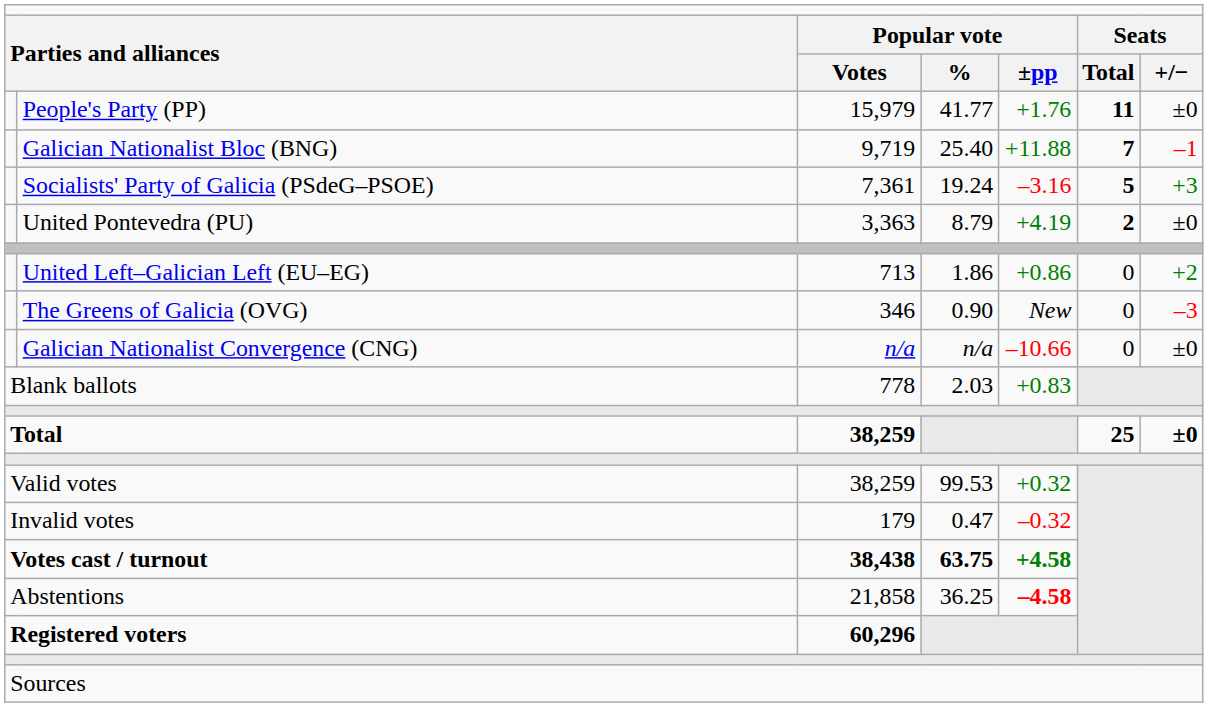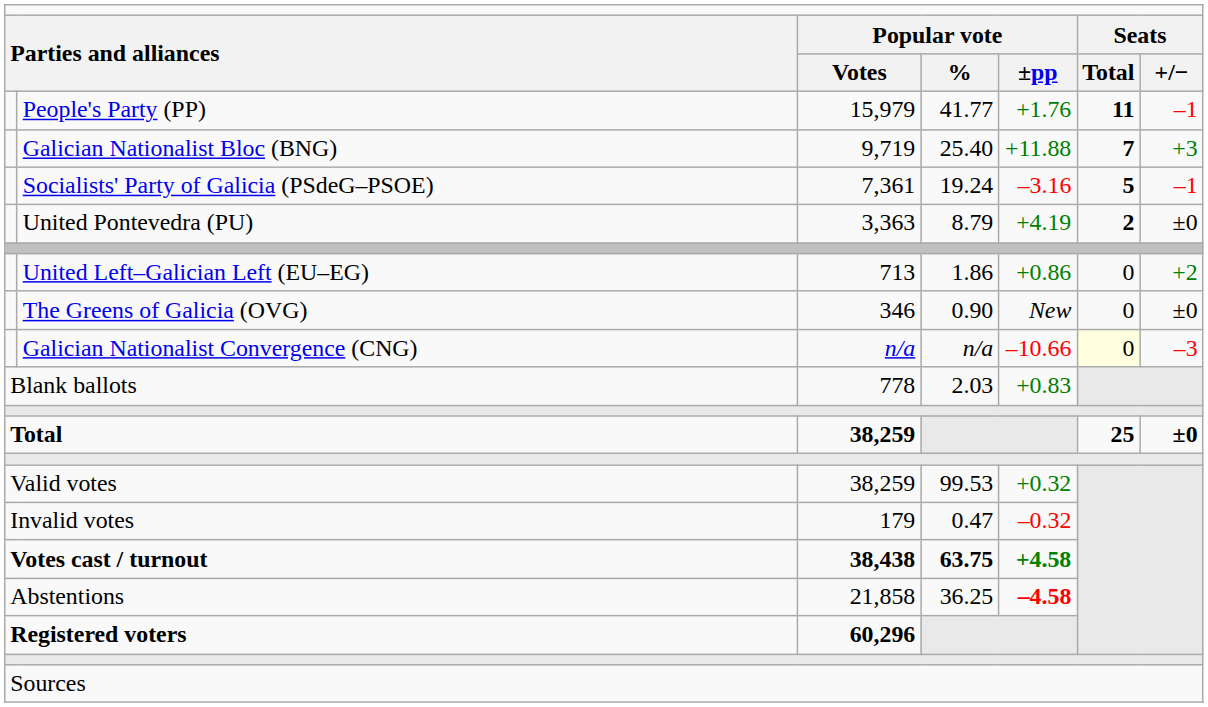 <table class="wikitable" style="text-align:right;">
 <tr>
 <td colspan="7"></td>
 </tr>
 <tr>
 <th style="text-align:left;" rowspan="2" colspan="2" width="525">Parties and alliances</th>
 <th colspan="3">Popular vote</th>
 <th colspan="2">Seats</th>
 </tr>
 <tr>
 <th width="75">Votes</th>
 <th width="45">%</th>
 <th width="45">±<a href='#'>pp</a></th>
 <th width="35">Total</th>
 <th width="35">+/−</th>
 </tr>
 <tr>
 <td width="1" style="color:inherit;background:"></td>
 <td align="left"><a href='#'>People's Party</a> (PP)</td>
 <td>15,979</td>
 <td>41.77</td>
 <td style="color:green;">+1.76</td>
 <td><strong>11</strong></td>
-<td>±0</td>
+<td style="color:red;">–1</td>
 </tr>
 <tr>
 <td style="color:inherit;background:"></td>
 <td align="left"><a href='#'>Galician Nationalist Bloc</a> (BNG)</td>
 <td>9,719</td>
 <td>25.40</td>
 <td style="color:green;">+11.88</td>
 <td><strong>7</strong></td>
-<td style="color:red;">–1</td>
+<td style="color:green;">+3</td>
 </tr>
 <tr>
 <td style="color:inherit;background:"></td>
 <td align="left"><a href='#'>Socialists' Party of Galicia</a> (PSdeG–PSOE)</td>
 <td>7,361</td>
 <td>19.24</td>
 <td style="color:red;">–3.16</td>
 <td><strong>5</strong></td>
-<td style="color:green;">+3</td>
+<td style="color:red;">–1</td>
 </tr>
 <tr>
 <td style="color:inherit;background:"></td>
 <td align="left">United Pontevedra (PU)</td>
 <td>3,363</td>
 <td>8.79</td>
 <td style="color:green;">+4.19</td>
 <td><strong>2</strong></td>
 <td>±0</td>
 </tr>
 <tr>
 <td colspan="7" bgcolor="#C0C0C0"></td>
 </tr>
 <tr>
 <td style="color:inherit;background:"></td>
 <td align="left"><a href='#'>United Left–Galician Left</a> (EU–EG)</td>
 <td>713</td>
 <td>1.86</td>
 <td style="color:green;">+0.86</td>
 <td>0</td>
 <td style="color:green;">+2</td>
 </tr>
 <tr>
 <td style="color:inherit;background:"></td>
 <td align="left"><a href='#'>The Greens of Galicia</a> (OVG)</td>
 <td>346</td>
 <td>0.90</td>
 <td><em>New</em></td>
 <td>0</td>
-<td style="color:red;">–3</td>
+<td>±0</td>
 </tr>
 <tr>
 <td style="color:inherit;background:"></td>
 <td align="left"><a href='#'>Galician Nationalist Convergence</a> (CNG)</td>
 <td><em><a href='#'>n/a</a></em></td>
 <td><em>n/a</em></td>
 <td style="color:red;">–10.66</td>
-<td>0</td>
-<td>±0</td>
+<td style="background: lightyellow;">0</td>
+<td style="color:red;">–3</td>
 </tr>
 <tr>
 <td align="left" colspan="2">Blank ballots</td>
 <td>778</td>
 <td>2.03</td>
 <td style="color:green;">+0.83</td>
 <td bgcolor="#E9E9E9" colspan="2"></td>
 </tr>
 <tr>
 <td colspan="7" bgcolor="#E9E9E9"></td>
 </tr>
 <tr style="font-weight:bold;">
 <td align="left" colspan="2">Total</td>
 <td>38,259</td>
 <td bgcolor="#E9E9E9" colspan="2"></td>
 <td>25</td>
 <td>±0</td>
 </tr>
 <tr>
 <td colspan="7" bgcolor="#E9E9E9"></td>
 </tr>
 <tr>
 <td align="left" colspan="2">Valid votes</td>
 <td>38,259</td>
 <td>99.53</td>
 <td style="color:green;">+0.32</td>
 <td bgcolor="#E9E9E9" colspan="2" rowspan="5"></td>
 </tr>
 <tr>
 <td align="left" colspan="2">Invalid votes</td>
 <td>179</td>
 <td>0.47</td>
 <td style="color:red;">–0.32</td>
 </tr>
 <tr style="font-weight:bold;">
 <td align="left" colspan="2">Votes cast / turnout</td>
 <td>38,438</td>
 <td>63.75</td>
 <td style="color:green;">+4.58</td>
 </tr>
 <tr>
 <td align="left" colspan="2">Abstentions</td>
 <td>21,858</td>
 <td>36.25</td>
 <td style="color:red;"><strong>–4.58</strong></td>
 </tr>
 <tr style="font-weight:bold;">
 <td align="left" colspan="2">Registered voters</td>
 <td>60,296</td>
 <td bgcolor="#E9E9E9" colspan="2"></td>
 </tr>
 <tr>
 <td colspan="7" bgcolor="#E9E9E9"></td>
 </tr>
 <tr>
 <td align="left" colspan="7">Sources</td>
 </tr>
 </table>
